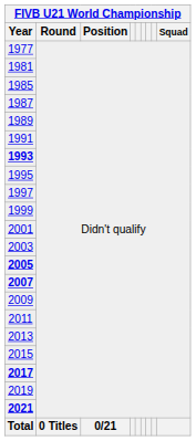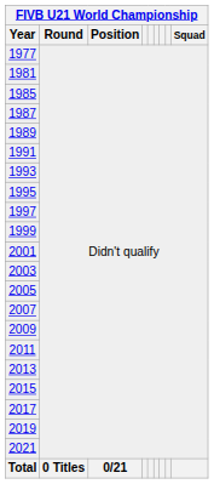 <table class="wikitable" style="text-align: center;">
 <tr>
 <th colspan=9><a href='#'>FIVB U21 World Championship</a></th>
 </tr>
 <tr>
 <th>Year</th>
 <th>Round</th>
 <th>Position</th>
 <th></th>
 <th></th>
 <th></th>
 <th></th>
 <th></th>
 <th><small>Squad</small></th>
 </tr>
 <tr bgcolor="efefef">
 <td> <a href='#'>1977</a></td>
 <td colspan=9 rowspan=21>Didn't qualify</td>
 </tr>
 <tr bgcolor="efefef">
 <td> <a href='#'>1981</a></td>
 </tr>
 <tr bgcolor="efefef">
 <td> <a href='#'>1985</a></td>
 </tr>
 <tr bgcolor="efefef">
 <td> <a href='#'>1987</a></td>
 </tr>
 <tr bgcolor="efefef">
 <td> <a href='#'>1989</a></td>
 </tr>
 <tr bgcolor="efefef">
 <td> <a href='#'>1991</a></td>
 </tr>
 <tr bgcolor="efefef">
-<td><strong> <a href='#'>1993</a></strong></td>
+<td> <a href='#'>1993</a></td>
 </tr>
 <tr bgcolor="efefef">
 <td> <a href='#'>1995</a></td>
 </tr>
 <tr bgcolor="efefef">
 <td> <a href='#'>1997</a></td>
 </tr>
 <tr bgcolor="efefef">
 <td> <a href='#'>1999</a></td>
 </tr>
 <tr bgcolor="efefef">
 <td> <a href='#'>2001</a></td>
 </tr>
 <tr bgcolor="efefef">
 <td> <a href='#'>2003</a></td>
 </tr>
 <tr bgcolor="efefef">
-<td><strong> <a href='#'>2005</a></strong></td>
+<td> <a href='#'>2005</a></td>
 </tr>
 <tr bgcolor="efefef">
-<td><strong> <a href='#'>2007</a></strong></td>
+<td> <a href='#'>2007</a></td>
 </tr>
 <tr bgcolor="efefef">
 <td> <a href='#'>2009</a></td>
 </tr>
 <tr bgcolor="efefef">
 <td> <a href='#'>2011</a></td>
 </tr>
 <tr bgcolor="efefef">
 <td> <a href='#'>2013</a></td>
 </tr>
 <tr bgcolor="efefef">
 <td> <a href='#'>2015</a></td>
 </tr>
 <tr bgcolor="efefef">
-<td><strong> <a href='#'>2017</a></strong></td>
+<td> <a href='#'>2017</a></td>
 </tr>
 <tr bgcolor="efefef">
 <td> <a href='#'>2019</a></td>
 </tr>
 <tr bgcolor="efefef">
-<td><strong>  <a href='#'>2021</a></strong></td>
+<td>  <a href='#'>2021</a></td>
 </tr>
 <tr>
 <th>Total</th>
 <th>0 Titles</th>
 <th>0/21</th>
 <th></th>
 <th></th>
 <th></th>
 <th></th>
 <th></th>
 <th></th>
 </tr>
 </table>
